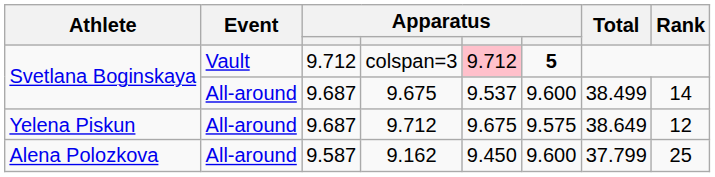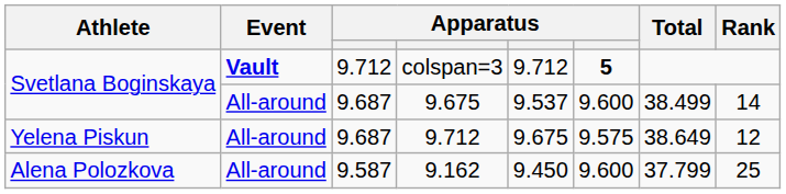 <table class="wikitable" style="font-size:90%">
 <tr>
 <th rowspan=2>Athlete</th>
 <th rowspan=2>Event</th>
 <th colspan =4>Apparatus</th>
 <th rowspan=2>Total</th>
 <th rowspan=2>Rank</th>
 </tr>
 <tr style="font-size:95%">
 <th></th>
 <th></th>
 <th></th>
 <th></th>
 </tr>
 <tr align=center>
 <td align=left rowspan=2><a href='#'>Svetlana Boginskaya</a></td>
-<td align=left><a href='#'>Vault</a></td>
+<td align=left><strong><a href='#'>Vault</a></strong></td>
 <td>9.712</td>
 <td>colspan=3 </td>
-<td style="background: pink;">9.712</td>
+<td>9.712</td>
 <td><strong>5</strong></td>
 </tr>
 <tr align=center>
 <td align=left><a href='#'>All-around</a></td>
 <td>9.687</td>
 <td>9.675</td>
 <td>9.537</td>
 <td>9.600</td>
 <td>38.499</td>
 <td>14</td>
 </tr>
 <tr align=center>
 <td align=left rowspan=1><a href='#'>Yelena Piskun</a></td>
 <td align=left><a href='#'>All-around</a></td>
 <td>9.687</td>
 <td>9.712</td>
 <td>9.675</td>
 <td>9.575</td>
 <td>38.649</td>
 <td>12</td>
 </tr>
 <tr align=center>
 <td align=left rowspan=1><a href='#'>Alena Polozkova</a></td>
 <td align=left><a href='#'>All-around</a></td>
 <td>9.587</td>
 <td>9.162</td>
 <td>9.450</td>
 <td>9.600</td>
 <td>37.799</td>
 <td>25</td>
 </tr>
 </table>
